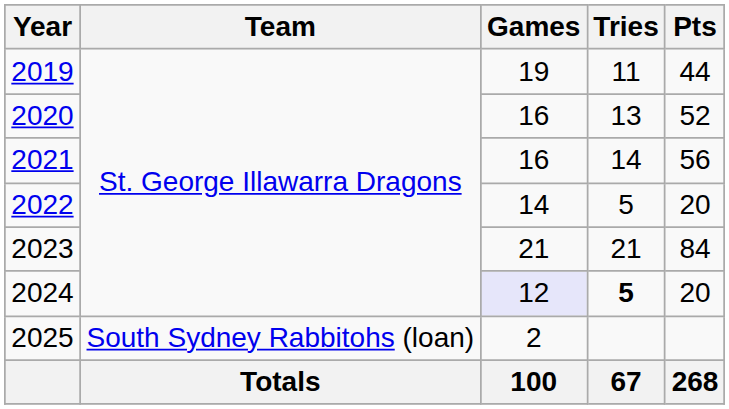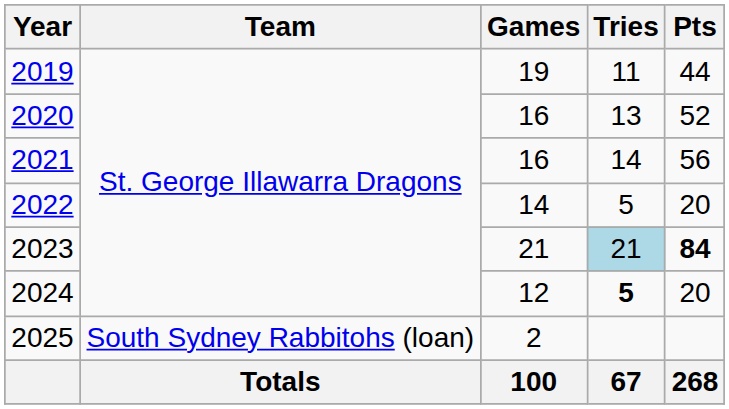 <table class="wikitable" style="border-collapse:collapse;text-align:center">
 <tr>
 <th>Year</th>
 <th>Team</th>
 <th>Games</th>
 <th>Tries</th>
 <th>Pts</th>
 </tr>
 <tr>
 <td><a href='#'>2019</a></td>
 <td rowspan="6"> <a href='#'>St. George Illawarra Dragons</a></td>
 <td>19</td>
 <td>11</td>
 <td>44</td>
 </tr>
 <tr>
 <td><a href='#'>2020</a></td>
 <td>16</td>
 <td>13</td>
 <td>52</td>
 </tr>
 <tr>
 <td><a href='#'>2021</a></td>
 <td>16</td>
 <td>14</td>
 <td>56</td>
 </tr>
 <tr>
 <td><a href='#'>2022</a></td>
 <td>14</td>
 <td>5</td>
 <td>20</td>
 </tr>
 <tr>
 <td>2023</td>
 <td>21</td>
-<td>21</td>
-<td>84</td>
+<td style="background: lightblue;">21</td>
+<td><strong>84</strong></td>
 </tr>
 <tr>
 <td>2024</td>
-<td style="background: lavender;">12</td>
+<td>12</td>
 <td><strong>5</strong></td>
 <td>20</td>
 </tr>
 <tr>
 <td>2025</td>
 <td> <a href='#'>South Sydney Rabbitohs</a> (loan)</td>
 <td>2</td>
 <td></td>
 <td></td>
 </tr>
 <tr>
 <th></th>
 <th>Totals</th>
 <th>100</th>
 <th>67</th>
 <th>268</th>
 </tr>
 </table>
